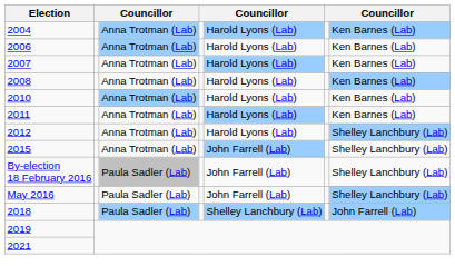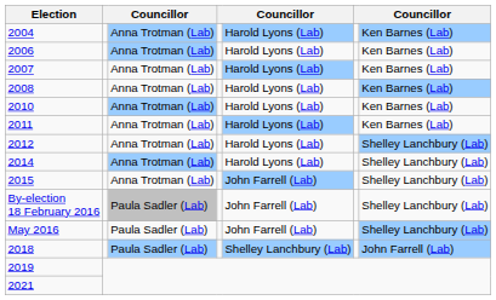 <table class="wikitable">
 <tr>
 <th>Election</th>
 <th colspan="2">Councillor</th>
 <th colspan="2">Councillor</th>
 <th colspan="2">Councillor</th>
 </tr>
 <tr>
 <td><a href='#'>2004</a></td>
 <td style="background-color: "></td>
 <td bgcolor="#99CCFF">Anna Trotman (<a href='#'>Lab</a>)</td>
 <td style="background-color: "></td>
 <td bgcolor="#99CCFF">Harold Lyons (<a href='#'>Lab</a>)</td>
 <td style="background-color: "></td>
 <td bgcolor="#99CCFF">Ken Barnes (<a href='#'>Lab</a>)</td>
 </tr>
 <tr>
 <td><a href='#'>2006</a></td>
 <td style="background-color: "></td>
 <td bgcolor="#99CCFF">Anna Trotman (<a href='#'>Lab</a>)</td>
 <td style="background-color: "></td>
 <td>Harold Lyons (<a href='#'>Lab</a>)</td>
 <td style="background-color: "></td>
 <td>Ken Barnes (<a href='#'>Lab</a>)</td>
 </tr>
 <tr>
 <td><a href='#'>2007</a></td>
 <td style="background-color: "></td>
 <td>Anna Trotman (<a href='#'>Lab</a>)</td>
 <td style="background-color: "></td>
 <td bgcolor="#99CCFF">Harold Lyons (<a href='#'>Lab</a>)</td>
 <td style="background-color: "></td>
 <td>Ken Barnes (<a href='#'>Lab</a>)</td>
 </tr>
 <tr>
 <td><a href='#'>2008</a></td>
 <td style="background-color: "></td>
 <td>Anna Trotman (<a href='#'>Lab</a>)</td>
 <td style="background-color: "></td>
 <td>Harold Lyons (<a href='#'>Lab</a>)</td>
 <td style="background-color: "></td>
 <td bgcolor="#99CCFF">Ken Barnes (<a href='#'>Lab</a>)</td>
 </tr>
 <tr>
 <td><a href='#'>2010</a></td>
 <td style="background-color: "></td>
 <td bgcolor="#99CCFF">Anna Trotman (<a href='#'>Lab</a>)</td>
 <td style="background-color: "></td>
 <td>Harold Lyons (<a href='#'>Lab</a>)</td>
 <td style="background-color: "></td>
 <td>Ken Barnes (<a href='#'>Lab</a>)</td>
 </tr>
 <tr>
 <td><a href='#'>2011</a></td>
 <td style="background-color: "></td>
 <td>Anna Trotman (<a href='#'>Lab</a>)</td>
 <td style="background-color: "></td>
 <td bgcolor="#99CCFF">Harold Lyons (<a href='#'>Lab</a>)</td>
 <td style="background-color: "></td>
 <td>Ken Barnes (<a href='#'>Lab</a>)</td>
 </tr>
 <tr>
 <td><a href='#'>2012</a></td>
 <td style="background-color: "></td>
 <td>Anna Trotman (<a href='#'>Lab</a>)</td>
 <td style="background-color: "></td>
 <td>Harold Lyons (<a href='#'>Lab</a>)</td>
 <td style="background-color: "></td>
 <td bgcolor="#99CCFF">Shelley Lanchbury (<a href='#'>Lab</a>)</td>
 </tr>
 <tr>
+<td><a href='#'>2014</a></td>
+<td style="background-color: "></td>
+<td bgcolor="#99CCFF">Anna Trotman (<a href='#'>Lab</a>)</td>
+<td style="background-color: "></td>
+<td>Harold Lyons (<a href='#'>Lab</a>)</td>
+<td style="background-color: "></td>
+<td>Shelley Lanchbury (<a href='#'>Lab</a>)</td>
+</tr>
+<tr>
 <td><a href='#'>2015</a></td>
 <td style="background-color: "></td>
 <td>Anna Trotman (<a href='#'>Lab</a>)</td>
 <td style="background-color: "></td>
 <td bgcolor="#99CCFF">John Farrell (<a href='#'>Lab</a>)</td>
 <td style="background-color: "></td>
 <td>Shelley Lanchbury (<a href='#'>Lab</a>)</td>
 </tr>
 <tr>
 <td><a href='#'>By-election<br>18 February 2016</a></td>
 <td style="background-color: "></td>
 <td bgcolor="#C0C0C0">Paula Sadler (<a href='#'>Lab</a>)</td>
 <td style="background-color: "></td>
 <td>John Farrell (<a href='#'>Lab</a>)</td>
 <td style="background-color: "></td>
 <td>Shelley Lanchbury (<a href='#'>Lab</a>)</td>
 </tr>
 <tr>
 <td><a href='#'>May 2016</a></td>
 <td style="background-color: "></td>
 <td>Paula Sadler (<a href='#'>Lab</a>)</td>
 <td style="background-color: "></td>
 <td>John Farrell (<a href='#'>Lab</a>)</td>
 <td style="background-color: "></td>
 <td bgcolor="#99CCFF">Shelley Lanchbury (<a href='#'>Lab</a>)</td>
 </tr>
 <tr>
 <td><a href='#'>2018</a></td>
 <td style="background-color: "></td>
 <td bgcolor="#99CCFF">Paula Sadler (<a href='#'>Lab</a>)</td>
 <td style="background-color: "></td>
 <td bgcolor="#99CCFF">Shelley Lanchbury (<a href='#'>Lab</a>)</td>
 <td style="background-color: "></td>
 <td bgcolor="#99CCFF">John Farrell (<a href='#'>Lab</a>)</td>
 </tr>
 <tr>
 <td><a href='#'>2019</a><br>  </td>
 </tr>
 <tr>
 <td><a href='#'>2021</a><br>  </td>
 </tr>
 </table>
